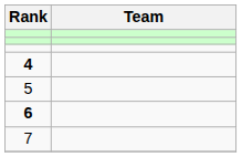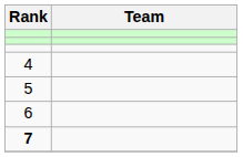 <table class="wikitable" style="text-align: center;">
 <tr>
 <th width=40>Rank</th>
 <th width=180>Team</th>
 </tr>
 <tr bgcolor=#CCFFCC>
 <td></td>
 <td style="text-align:left;"></td>
 </tr>
 <tr bgcolor=#CCFFCC>
 <td></td>
 <td style="text-align:left;"></td>
 </tr>
 <tr align=center>
 <td></td>
 <td style="text-align:left;"></td>
 </tr>
 <tr align=center>
-<td><strong>4</strong></td>
+<td>4</td>
 <td style="text-align:left;"></td>
 </tr>
 <tr align=center>
 <td>5</td>
 <td style="text-align:left;"></td>
 </tr>
 <tr align=center>
-<td><strong>6</strong></td>
+<td>6</td>
 <td style="text-align:left;"></td>
 </tr>
 <tr align=center>
-<td>7</td>
+<td><strong>7</strong></td>
 <td style="text-align:left;"></td>
 </tr>
 <tr align=center>
 </tr>
 </table>
